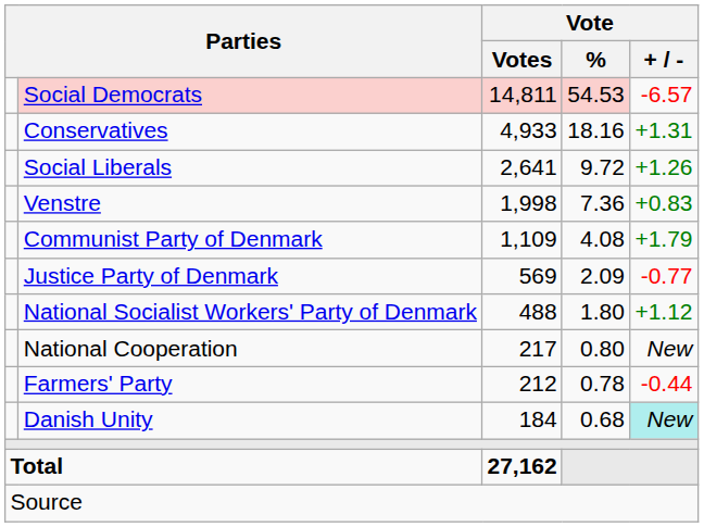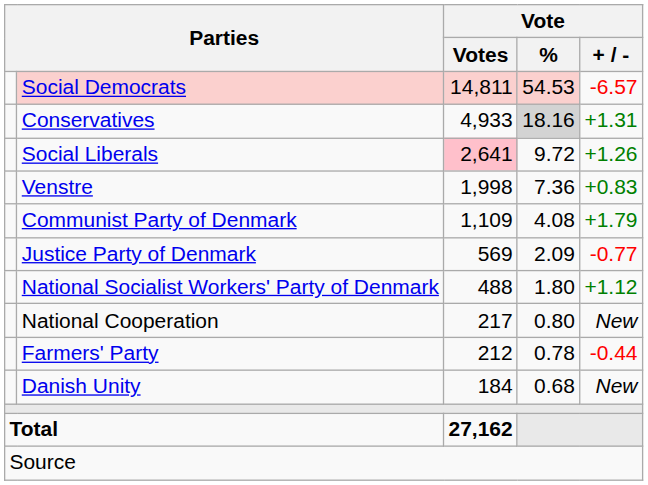 <table class="wikitable" style="text-align:right;">
 <tr>
 <th style="text-align:centre;" rowspan="2" colspan="2" width="225">Parties</th>
 <th colspan="3">Vote</th>
 </tr>
 <tr>
 <th width="15">Votes</th>
 <th width="15">%</th>
 <th width="15">+ / -</th>
 </tr>
 <tr>
 <td width="2" style="color:inherit;background:"></td>
 <td bgcolor=#fbd0ce  align="left"><a href='#'>Social Democrats</a></td>
 <td bgcolor=#fbd0ce>14,811</td>
 <td bgcolor=#fbd0ce>54.53</td>
 <td style=color:red;>-6.57</td>
 </tr>
 <tr>
 <td width="2" style="color:inherit;background:"></td>
 <td align="left"><a href='#'>Conservatives</a></td>
 <td>4,933</td>
-<td>18.16</td>
+<td style="background: lightgrey;">18.16</td>
 <td style=color:green;>+1.31</td>
 </tr>
 <tr>
 <td width="2" style="color:inherit;background:"></td>
 <td align="left"><a href='#'>Social Liberals</a></td>
-<td>2,641</td>
+<td style="background: pink;">2,641</td>
 <td>9.72</td>
 <td style=color:green;>+1.26</td>
 </tr>
 <tr>
 <td width="2" style="color:inherit;background:"></td>
 <td align="left"><a href='#'>Venstre</a></td>
 <td>1,998</td>
 <td>7.36</td>
 <td style=color:green;>+0.83</td>
 </tr>
 <tr>
 <td width="2" style="color:inherit;background:"></td>
 <td align="left"><a href='#'>Communist Party of Denmark</a></td>
 <td>1,109</td>
 <td>4.08</td>
 <td style=color:green;>+1.79</td>
 </tr>
 <tr>
 <td width="2" style="color:inherit;background:"></td>
 <td align="left"><a href='#'>Justice Party of Denmark</a></td>
 <td>569</td>
 <td>2.09</td>
 <td style=color:red;>-0.77</td>
 </tr>
 <tr>
 <td width="2" style="color:inherit;background:"></td>
 <td align="left"><a href='#'>National Socialist Workers' Party of Denmark</a></td>
 <td>488</td>
 <td>1.80</td>
 <td style=color:green;>+1.12</td>
 </tr>
 <tr>
 <td width="2" style="color:inherit;background:"></td>
 <td align="left">National Cooperation</td>
 <td>217</td>
 <td>0.80</td>
 <td><em>New</em></td>
 </tr>
 <tr>
 <td width="2" style="color:inherit;background:"></td>
 <td align="left"><a href='#'>Farmers' Party</a></td>
 <td>212</td>
 <td>0.78</td>
 <td style=color:red;>-0.44</td>
 </tr>
 <tr>
 <td width="2" style="color:inherit;background:"></td>
 <td align="left"><a href='#'>Danish Unity</a></td>
 <td>184</td>
 <td>0.68</td>
-<td style="background: paleturquoise;"><em>New</em></td>
+<td><em>New</em></td>
 </tr>
 <tr>
 <td colspan="7" bgcolor="#E9E9E9"></td>
 </tr>
 <tr>
 <td align="left" colspan="2"><strong>Total</strong></td>
 <td><strong>27,162</strong></td>
 <td bgcolor="#E9E9E9" colspan="2"></td>
 </tr>
 <tr>
 <td align="left" colspan="6">Source</td>
 </tr>
 </table>
